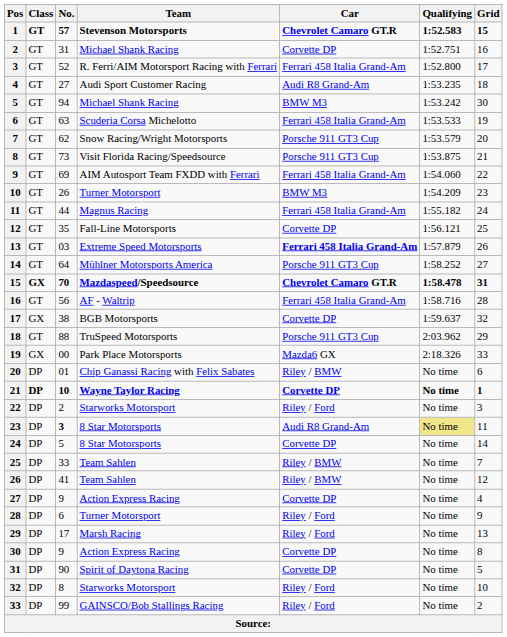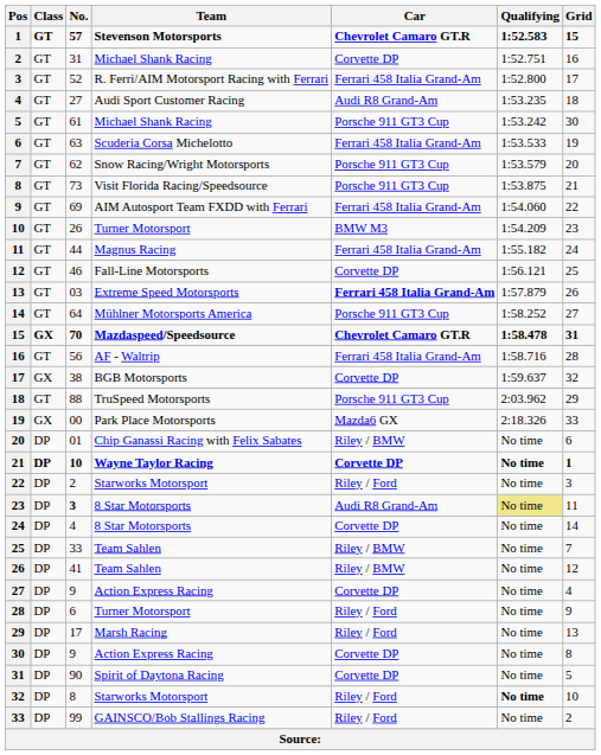 <table class="wikitable" style="font-size: 85%;">
 <tr>
 <th>Pos</th>
 <th>Class</th>
 <th>No.</th>
 <th>Team</th>
 <th>Car</th>
 <th>Qualifying</th>
 <th>Grid</th>
 </tr>
 <tr>
 <th>1</th>
 <td><strong>GT</strong></td>
 <td><strong>57</strong></td>
 <td><strong>Stevenson Motorsports</strong></td>
 <td><strong><a href='#'>Chevrolet Camaro</a> GT.R</strong></td>
 <td><strong>1:52.583</strong></td>
 <td><strong>15</strong></td>
 </tr>
 <tr>
 <th>2</th>
 <td>GT</td>
 <td>31</td>
 <td><a href='#'>Michael Shank Racing</a></td>
 <td><a href='#'>Corvette DP</a></td>
 <td>1:52.751</td>
 <td>16</td>
 </tr>
 <tr>
 <th>3</th>
 <td>GT</td>
 <td>52</td>
 <td>R. Ferri/AIM Motorsport Racing with <a href='#'>Ferrari</a></td>
 <td><a href='#'>Ferrari 458 Italia Grand-Am</a></td>
 <td>1:52.800</td>
 <td>17</td>
 </tr>
 <tr>
 <th>4</th>
 <td>GT</td>
 <td>27</td>
 <td>Audi Sport Customer Racing</td>
 <td><a href='#'>Audi R8 Grand-Am</a></td>
 <td>1:53.235</td>
 <td>18</td>
 </tr>
 <tr>
 <th>5</th>
 <td>GT</td>
-<td>94</td>
+<td>61</td>
 <td><a href='#'>Michael Shank Racing</a></td>
-<td><a href='#'>BMW M3</a></td>
+<td><a href='#'>Porsche 911 GT3 Cup</a></td>
 <td>1:53.242</td>
 <td>30</td>
 </tr>
 <tr>
 <th>6</th>
 <td>GT</td>
 <td>63</td>
 <td><a href='#'>Scuderia Corsa</a> Michelotto</td>
 <td><a href='#'>Ferrari 458 Italia Grand-Am</a></td>
 <td>1:53.533</td>
 <td>19</td>
 </tr>
 <tr>
 <th>7</th>
 <td>GT</td>
 <td>62</td>
 <td>Snow Racing/Wright Motorsports</td>
 <td><a href='#'>Porsche 911 GT3 Cup</a></td>
 <td>1:53.579</td>
 <td>20</td>
 </tr>
 <tr>
 <th>8</th>
 <td>GT</td>
 <td>73</td>
 <td>Visit Florida Racing/Speedsource</td>
 <td><a href='#'>Porsche 911 GT3 Cup</a></td>
 <td>1:53.875</td>
 <td>21</td>
 </tr>
 <tr>
 <th>9</th>
 <td>GT</td>
 <td>69</td>
 <td>AIM Autosport Team FXDD with <a href='#'>Ferrari</a></td>
 <td><a href='#'>Ferrari 458 Italia Grand-Am</a></td>
 <td>1:54.060</td>
 <td>22</td>
 </tr>
 <tr>
 <th>10</th>
 <td>GT</td>
 <td>26</td>
 <td><a href='#'>Turner Motorsport</a></td>
 <td><a href='#'>BMW M3</a></td>
 <td>1:54.209</td>
 <td>23</td>
 </tr>
 <tr>
 <th>11</th>
 <td>GT</td>
 <td>44</td>
 <td><a href='#'>Magnus Racing</a></td>
 <td><a href='#'>Ferrari 458 Italia Grand-Am</a></td>
 <td>1:55.182</td>
 <td>24</td>
 </tr>
 <tr>
 <th>12</th>
 <td>GT</td>
-<td>35</td>
+<td>46</td>
 <td>Fall-Line Motorsports</td>
 <td><a href='#'>Corvette DP</a></td>
 <td>1:56.121</td>
 <td>25</td>
 </tr>
 <tr>
 <th>13</th>
 <td>GT</td>
 <td>03</td>
 <td><a href='#'>Extreme Speed Motorsports</a></td>
 <td><strong><a href='#'>Ferrari 458 Italia Grand-Am</a></strong></td>
 <td>1:57.879</td>
 <td>26</td>
 </tr>
 <tr>
 <th>14</th>
 <td>GT</td>
 <td>64</td>
 <td><a href='#'>Mühlner Motorsports America</a></td>
 <td><a href='#'>Porsche 911 GT3 Cup</a></td>
 <td>1:58.252</td>
 <td>27</td>
 </tr>
 <tr>
 <th>15</th>
 <td><strong>GX</strong></td>
 <td><strong>70</strong></td>
 <td><strong><a href='#'>Mazdaspeed</a>/Speedsource</strong></td>
 <td><strong><a href='#'>Chevrolet Camaro</a> GT.R</strong></td>
 <td><strong>1:58.478</strong></td>
 <td><strong>31</strong></td>
 </tr>
 <tr>
 <th>16</th>
 <td>GT</td>
 <td>56</td>
 <td><a href='#'>AF</a> - <a href='#'>Waltrip</a></td>
 <td><a href='#'>Ferrari 458 Italia Grand-Am</a></td>
 <td>1:58.716</td>
 <td>28</td>
 </tr>
 <tr>
 <th>17</th>
 <td>GX</td>
 <td>38</td>
 <td>BGB Motorsports</td>
 <td><a href='#'>Corvette DP</a></td>
 <td>1:59.637</td>
 <td>32</td>
 </tr>
 <tr>
 <th>18</th>
 <td>GT</td>
 <td>88</td>
 <td>TruSpeed Motorsports</td>
 <td><a href='#'>Porsche 911 GT3 Cup</a></td>
 <td>2:03.962</td>
 <td>29</td>
 </tr>
 <tr>
 <th>19</th>
 <td>GX</td>
 <td>00</td>
 <td>Park Place Motorsports</td>
 <td><a href='#'>Mazda6</a> GX</td>
 <td>2:18.326</td>
 <td>33</td>
 </tr>
 <tr>
 <th>20</th>
 <td>DP</td>
 <td>01</td>
 <td><a href='#'>Chip Ganassi Racing</a> with <a href='#'>Felix Sabates</a></td>
 <td><a href='#'>Riley</a> / <a href='#'>BMW</a></td>
 <td>No time</td>
 <td>6</td>
 </tr>
 <tr>
 <th>21</th>
 <td><strong>DP</strong></td>
 <td><strong>10</strong></td>
 <td><strong><a href='#'>Wayne Taylor Racing</a></strong></td>
 <td><a href='#'><strong>Corvette DP</strong></a></td>
 <td><strong>No time</strong></td>
 <td><strong>1</strong></td>
 </tr>
 <tr>
 <th>22</th>
 <td>DP</td>
 <td>2</td>
 <td><a href='#'>Starworks Motorsport</a></td>
 <td><a href='#'>Riley</a> / <a href='#'>Ford</a></td>
 <td>No time</td>
 <td>3</td>
 </tr>
 <tr>
 <th>23</th>
 <td>DP</td>
 <td><strong>3</strong></td>
 <td><a href='#'>8 Star Motorsports</a></td>
 <td><a href='#'>Audi R8 Grand-Am</a></td>
 <td style="background: khaki;">No time</td>
 <td>11</td>
 </tr>
 <tr>
 <th>24</th>
 <td>DP</td>
-<td>5</td>
+<td>4</td>
 <td><a href='#'>8 Star Motorsports</a></td>
 <td><a href='#'>Corvette DP</a></td>
 <td>No time</td>
 <td>14</td>
 </tr>
 <tr>
 <th>25</th>
 <td>DP</td>
 <td>33</td>
 <td><a href='#'>Team Sahlen</a></td>
 <td><a href='#'>Riley</a> / <a href='#'>BMW</a></td>
 <td>No time</td>
 <td>7</td>
 </tr>
 <tr>
 <th>26</th>
 <td>DP</td>
 <td>41</td>
 <td><a href='#'>Team Sahlen</a></td>
 <td><a href='#'>Riley</a> / <a href='#'>BMW</a></td>
 <td>No time</td>
 <td>12</td>
 </tr>
 <tr>
 <th>27</th>
 <td>DP</td>
 <td>9</td>
 <td><a href='#'>Action Express Racing</a></td>
 <td><a href='#'>Corvette DP</a></td>
 <td>No time</td>
 <td>4</td>
 </tr>
 <tr>
 <th>28</th>
 <td>DP</td>
 <td>6</td>
 <td><a href='#'>Turner Motorsport</a></td>
 <td><a href='#'>Riley</a> / <a href='#'>Ford</a></td>
 <td>No time</td>
 <td>9</td>
 </tr>
 <tr>
 <th>29</th>
 <td>DP</td>
 <td>17</td>
 <td><a href='#'>Marsh Racing</a></td>
 <td><a href='#'>Riley</a> / <a href='#'>Ford</a></td>
 <td>No time</td>
 <td>13</td>
 </tr>
 <tr>
 <th>30</th>
 <td>DP</td>
 <td>9</td>
 <td><a href='#'>Action Express Racing</a></td>
 <td><a href='#'>Corvette DP</a></td>
 <td>No time</td>
 <td>8</td>
 </tr>
 <tr>
 <th>31</th>
 <td>DP</td>
 <td>90</td>
 <td><a href='#'>Spirit of Daytona Racing</a></td>
 <td><a href='#'>Corvette DP</a></td>
 <td>No time</td>
 <td>5</td>
 </tr>
 <tr>
 <th>32</th>
 <td>DP</td>
 <td>8</td>
 <td><a href='#'>Starworks Motorsport</a></td>
 <td><a href='#'>Riley</a> / <a href='#'>Ford</a></td>
-<td>No time</td>
+<td><strong>No time</strong></td>
 <td>10</td>
 </tr>
 <tr>
 <th>33</th>
 <td>DP</td>
 <td>99</td>
 <td><a href='#'>GAINSCO/Bob Stallings Racing</a></td>
 <td><a href='#'>Riley</a> / <a href='#'>Ford</a></td>
 <td>No time</td>
 <td>2</td>
 </tr>
 <tr>
 <th colspan="7">Source:</th>
 </tr>
 </table>
